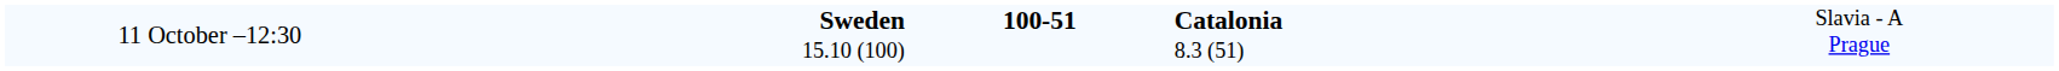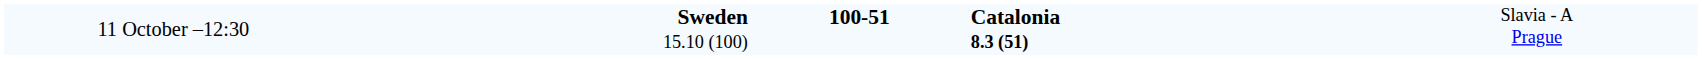 <table style="width: 100%; background:#F5FAFF;" cellspacing="0">
 <tr>
 <td style=font-size:95% align=center rowspan=3 width=20%>11 October –12:30</td>
 </tr>
 <tr>
 <td width=24% align=right><strong>Sweden</strong></td>
 <td align=center width=13%><strong>100-51</strong></td>
 <td width=24%><strong>Catalonia</strong></td>
 <td style=font-size:85% rowspan=3 valign=top align=center>Slavia - A <br><a href='#'>Prague</a></td>
 </tr>
 <tr style=font-size:85%>
 <td align=right>15.10 (100)</td>
 <td align=center></td>
-<td>8.3 (51)</td>
+<td><strong>8.3 (51)</strong></td>
 </tr>
 </table>
